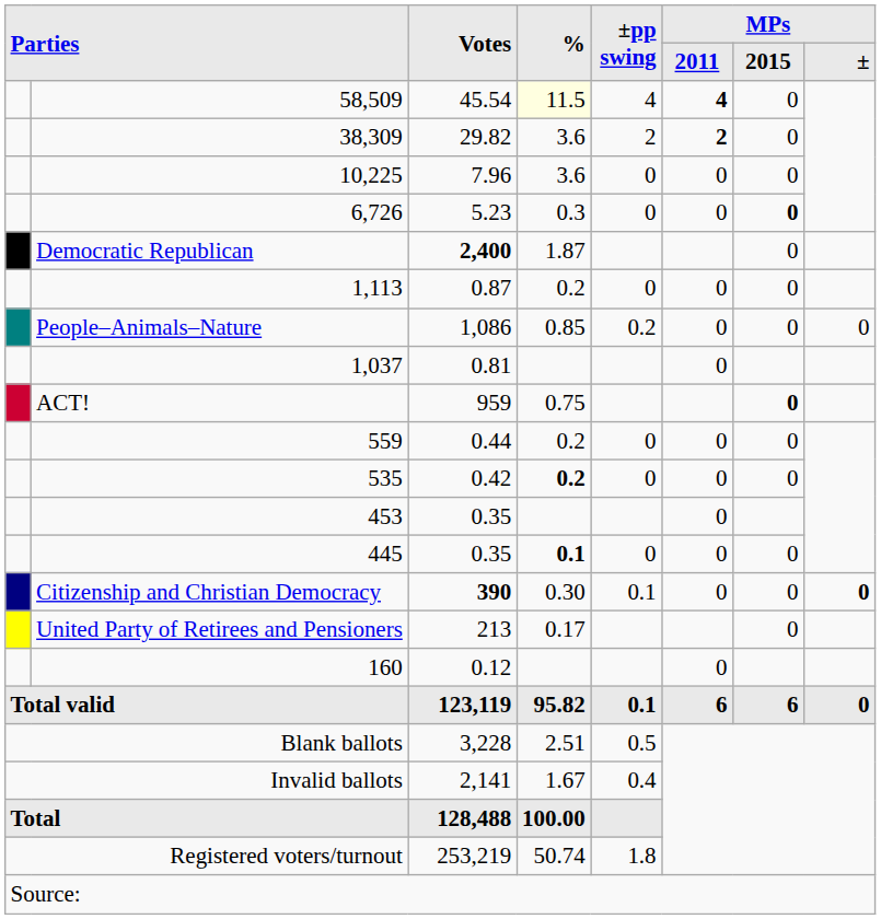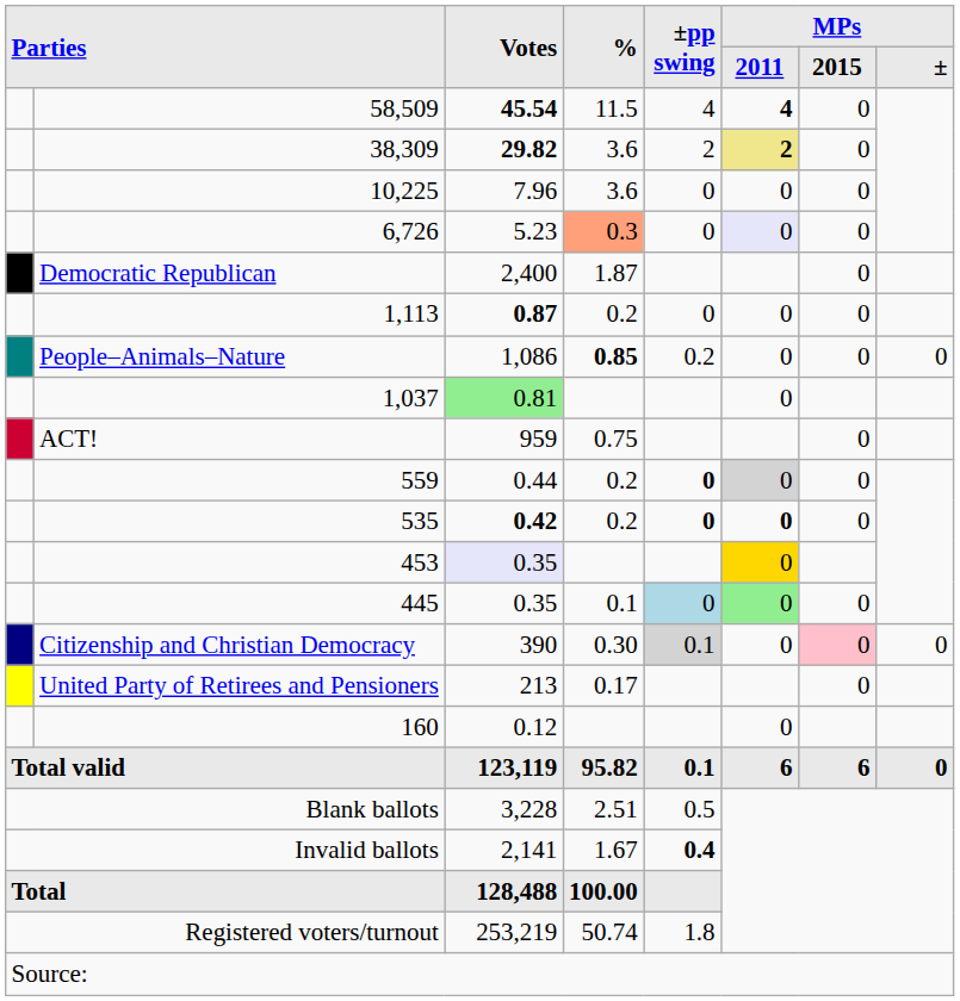 <table class="wikitable" style="text-align:right; font-size:95%;">
 <tr>
 <th rowspan="2" colspan="2" style="background:#e9e9e9; text-align:left;" alignleft><a href='#'>Parties</a></th>
 <th rowspan="2" style="background:#e9e9e9; text-align:right;">Votes</th>
 <th rowspan="2" style="background:#e9e9e9; text-align:right;">%</th>
 <th rowspan="2" style="background:#e9e9e9; text-align:right;">±<a href='#'>pp</a> <a href='#'>swing</a></th>
 <th colspan="3" style="background:#e9e9e9; text-align:center;"><a href='#'>MPs</a></th>
 </tr>
 <tr style="background-color:#E9E9E9">
 <th style="background-color:#E9E9E9;text-align:center;"><a href='#'>2011</a></th>
 <th style="background-color:#E9E9E9;text-align:center;">2015</th>
 <th style="background:#e9e9e9; text-align:right;">±</th>
 </tr>
 <tr>
 <td> </td>
 <td>58,509</td>
-<td>45.54</td>
-<td style="background: lightyellow;">11.5</td>
+<td><strong>45.54</strong></td>
+<td>11.5</td>
 <td>4</td>
 <td><strong>4</strong></td>
 <td>0</td>
 </tr>
 <tr>
 <td></td>
 <td>38,309</td>
-<td>29.82</td>
+<td><strong>29.82</strong></td>
 <td>3.6</td>
 <td>2</td>
-<td><strong>2</strong></td>
+<td style="background: khaki;"><strong>2</strong></td>
 <td>0</td>
 </tr>
 <tr>
 <td></td>
 <td>10,225</td>
 <td>7.96</td>
 <td>3.6</td>
 <td>0</td>
 <td>0</td>
 <td>0</td>
 </tr>
 <tr>
 <td></td>
 <td>6,726</td>
 <td>5.23</td>
-<td>0.3</td>
+<td style="background: lightsalmon;">0.3</td>
 <td>0</td>
+<td style="background: lavender;">0</td>
 <td>0</td>
-<td><strong>0</strong></td>
 </tr>
 <tr>
 <td style="width: 10px" bgcolor=black align="center"></td>
 <td align=left><a href='#'>Democratic Republican</a></td>
-<td><strong>2,400</strong></td>
+<td>2,400</td>
 <td>1.87</td>
 <td></td>
 <td></td>
 <td>0</td>
 <td></td>
 </tr>
 <tr>
 <td></td>
 <td>1,113</td>
-<td>0.87</td>
+<td><strong>0.87</strong></td>
 <td>0.2</td>
 <td>0</td>
 <td>0</td>
 <td>0</td>
 </tr>
 <tr>
 <td style="width: 10px" bgcolor="teal" align="center"></td>
 <td align="left"><a href='#'>People–Animals–Nature</a></td>
 <td>1,086</td>
-<td>0.85</td>
+<td><strong>0.85</strong></td>
 <td>0.2</td>
 <td>0</td>
 <td>0</td>
 <td>0</td>
 </tr>
 <tr>
 <td></td>
 <td>1,037</td>
-<td>0.81</td>
+<td style="background: lightgreen;">0.81</td>
 <td></td>
 <td></td>
 <td>0</td>
 <td></td>
 </tr>
 <tr>
 <td style="width:10px; background:#CC0033; text-align:center;"></td>
 <td style="text-align:left;">ACT! </td>
 <td>959</td>
 <td>0.75</td>
 <td></td>
 <td></td>
-<td><strong>0</strong></td>
+<td>0</td>
 <td></td>
 </tr>
 <tr>
 <td></td>
 <td>559</td>
 <td>0.44</td>
 <td>0.2</td>
-<td>0</td>
-<td>0</td>
+<td><strong>0</strong></td>
+<td style="background: lightgrey;">0</td>
 <td>0</td>
 </tr>
 <tr>
 <td></td>
 <td>535</td>
-<td>0.42</td>
-<td><strong>0.2</strong></td>
-<td>0</td>
-<td>0</td>
+<td><strong>0.42</strong></td>
+<td>0.2</td>
+<td><strong>0</strong></td>
+<td><strong>0</strong></td>
 <td>0</td>
 </tr>
 <tr>
 <td></td>
 <td>453</td>
-<td>0.35</td>
+<td style="background: lavender;">0.35</td>
 <td></td>
 <td></td>
-<td>0</td>
+<td style="background: gold;">0</td>
 <td></td>
 </tr>
 <tr>
 <td></td>
 <td>445</td>
 <td>0.35</td>
-<td><strong>0.1</strong></td>
-<td>0</td>
-<td>0</td>
+<td>0.1</td>
+<td style="background: lightblue;">0</td>
+<td style="background: lightgreen;">0</td>
 <td>0</td>
 </tr>
 <tr>
 <td style="width: 10px" bgcolor=#000080 align="center"></td>
 <td align=left><a href='#'>Citizenship and Christian Democracy</a></td>
-<td><strong>390</strong></td>
+<td>390</td>
 <td>0.30</td>
-<td>0.1</td>
+<td style="background: lightgrey;">0.1</td>
 <td>0</td>
+<td style="background: pink;">0</td>
 <td>0</td>
-<td><strong>0</strong></td>
 </tr>
 <tr>
 <td style="width: 10px" bgcolor=yellow align="center"></td>
 <td align=left><a href='#'>United Party of Retirees and Pensioners</a></td>
 <td>213</td>
 <td>0.17</td>
 <td></td>
 <td></td>
 <td>0</td>
 <td></td>
 </tr>
 <tr>
 <td></td>
 <td>160</td>
 <td>0.12</td>
 <td></td>
 <td></td>
 <td>0</td>
 <td></td>
 </tr>
 <tr>
 <td colspan=2 align=left style="background-color:#E9E9E9"><strong>Total valid</strong></td>
 <td width="65" align="right" style="background-color:#E9E9E9"><strong>123,119</strong></td>
 <td width="40" align="right" style="background-color:#E9E9E9"><strong>95.82</strong></td>
 <td width="40" align="right" style="background-color:#E9E9E9"><strong>0.1</strong></td>
 <td width="40" align="right" style="background-color:#E9E9E9"><strong>6</strong></td>
 <td width="40" align="right" style="background-color:#E9E9E9"><strong>6</strong></td>
 <td width="40" align="right" style="background-color:#E9E9E9"><strong>0</strong></td>
 </tr>
 <tr>
 <td colspan=2>Blank ballots</td>
 <td>3,228</td>
 <td>2.51</td>
 <td>0.5</td>
 <td colspan=4 rowspan=4></td>
 </tr>
 <tr>
 <td colspan=2>Invalid ballots</td>
 <td>2,141</td>
 <td>1.67</td>
-<td>0.4</td>
+<td><strong>0.4</strong></td>
 </tr>
 <tr>
 <td colspan=2 width="259" align=left style="background-color:#E9E9E9"><strong>Total</strong></td>
 <td width="50" align="right" style="background-color:#E9E9E9"><strong>128,488</strong></td>
 <td width="40" align="right" style="background-color:#E9E9E9"><strong>100.00</strong></td>
 <td width="40" align="right" style="background-color:#E9E9E9"></td>
 </tr>
 <tr>
 <td colspan=2>Registered voters/turnout</td>
 <td>253,219</td>
 <td>50.74</td>
 <td>1.8</td>
 </tr>
 <tr>
 <td colspan=11 align=left>Source: </td>
 </tr>
 </table>
